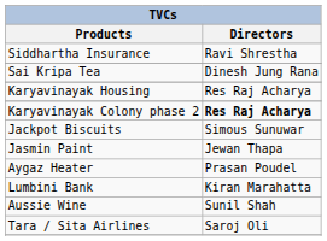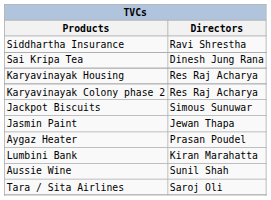 <table class="wikitable">
 <tr style="background:#ccc; text-align:center;">
 <th colspan="4" style="background: LightSteelBlue;">TVCs</th>
 </tr>
 <tr style="background:#ccc; text-align:center;">
 <th>Products</th>
 <th>Directors</th>
 </tr>
 <tr>
 <td>Siddhartha Insurance</td>
 <td>Ravi Shrestha</td>
 </tr>
 <tr>
 </tr>
 <tr>
 <td>Sai Kripa Tea</td>
 <td>Dinesh Jung Rana</td>
 </tr>
 <tr>
 </tr>
 <tr>
 <td>Karyavinayak Housing</td>
 <td>Res Raj Acharya</td>
 </tr>
 <tr>
 </tr>
 <tr>
 <td>Karyavinayak Colony phase 2</td>
-<td><strong>Res Raj Acharya</strong></td>
+<td>Res Raj Acharya</td>
 </tr>
 <tr>
 <td>Jackpot Biscuits</td>
 <td>Simous Sunuwar</td>
 </tr>
 <tr>
 <td>Jasmin Paint</td>
 <td>Jewan Thapa</td>
 </tr>
 <tr>
 <td>Aygaz Heater</td>
 <td>Prasan Poudel</td>
 </tr>
 <tr>
 <td>Lumbini Bank</td>
 <td>Kiran Marahatta</td>
 </tr>
 <tr>
 <td>Aussie Wine</td>
 <td>Sunil Shah</td>
 </tr>
 <tr>
 <td>Tara / Sita Airlines</td>
 <td>Saroj Oli</td>
 </tr>
 <tr>
 </tr>
 <tr>
 </tr>
 </table>
